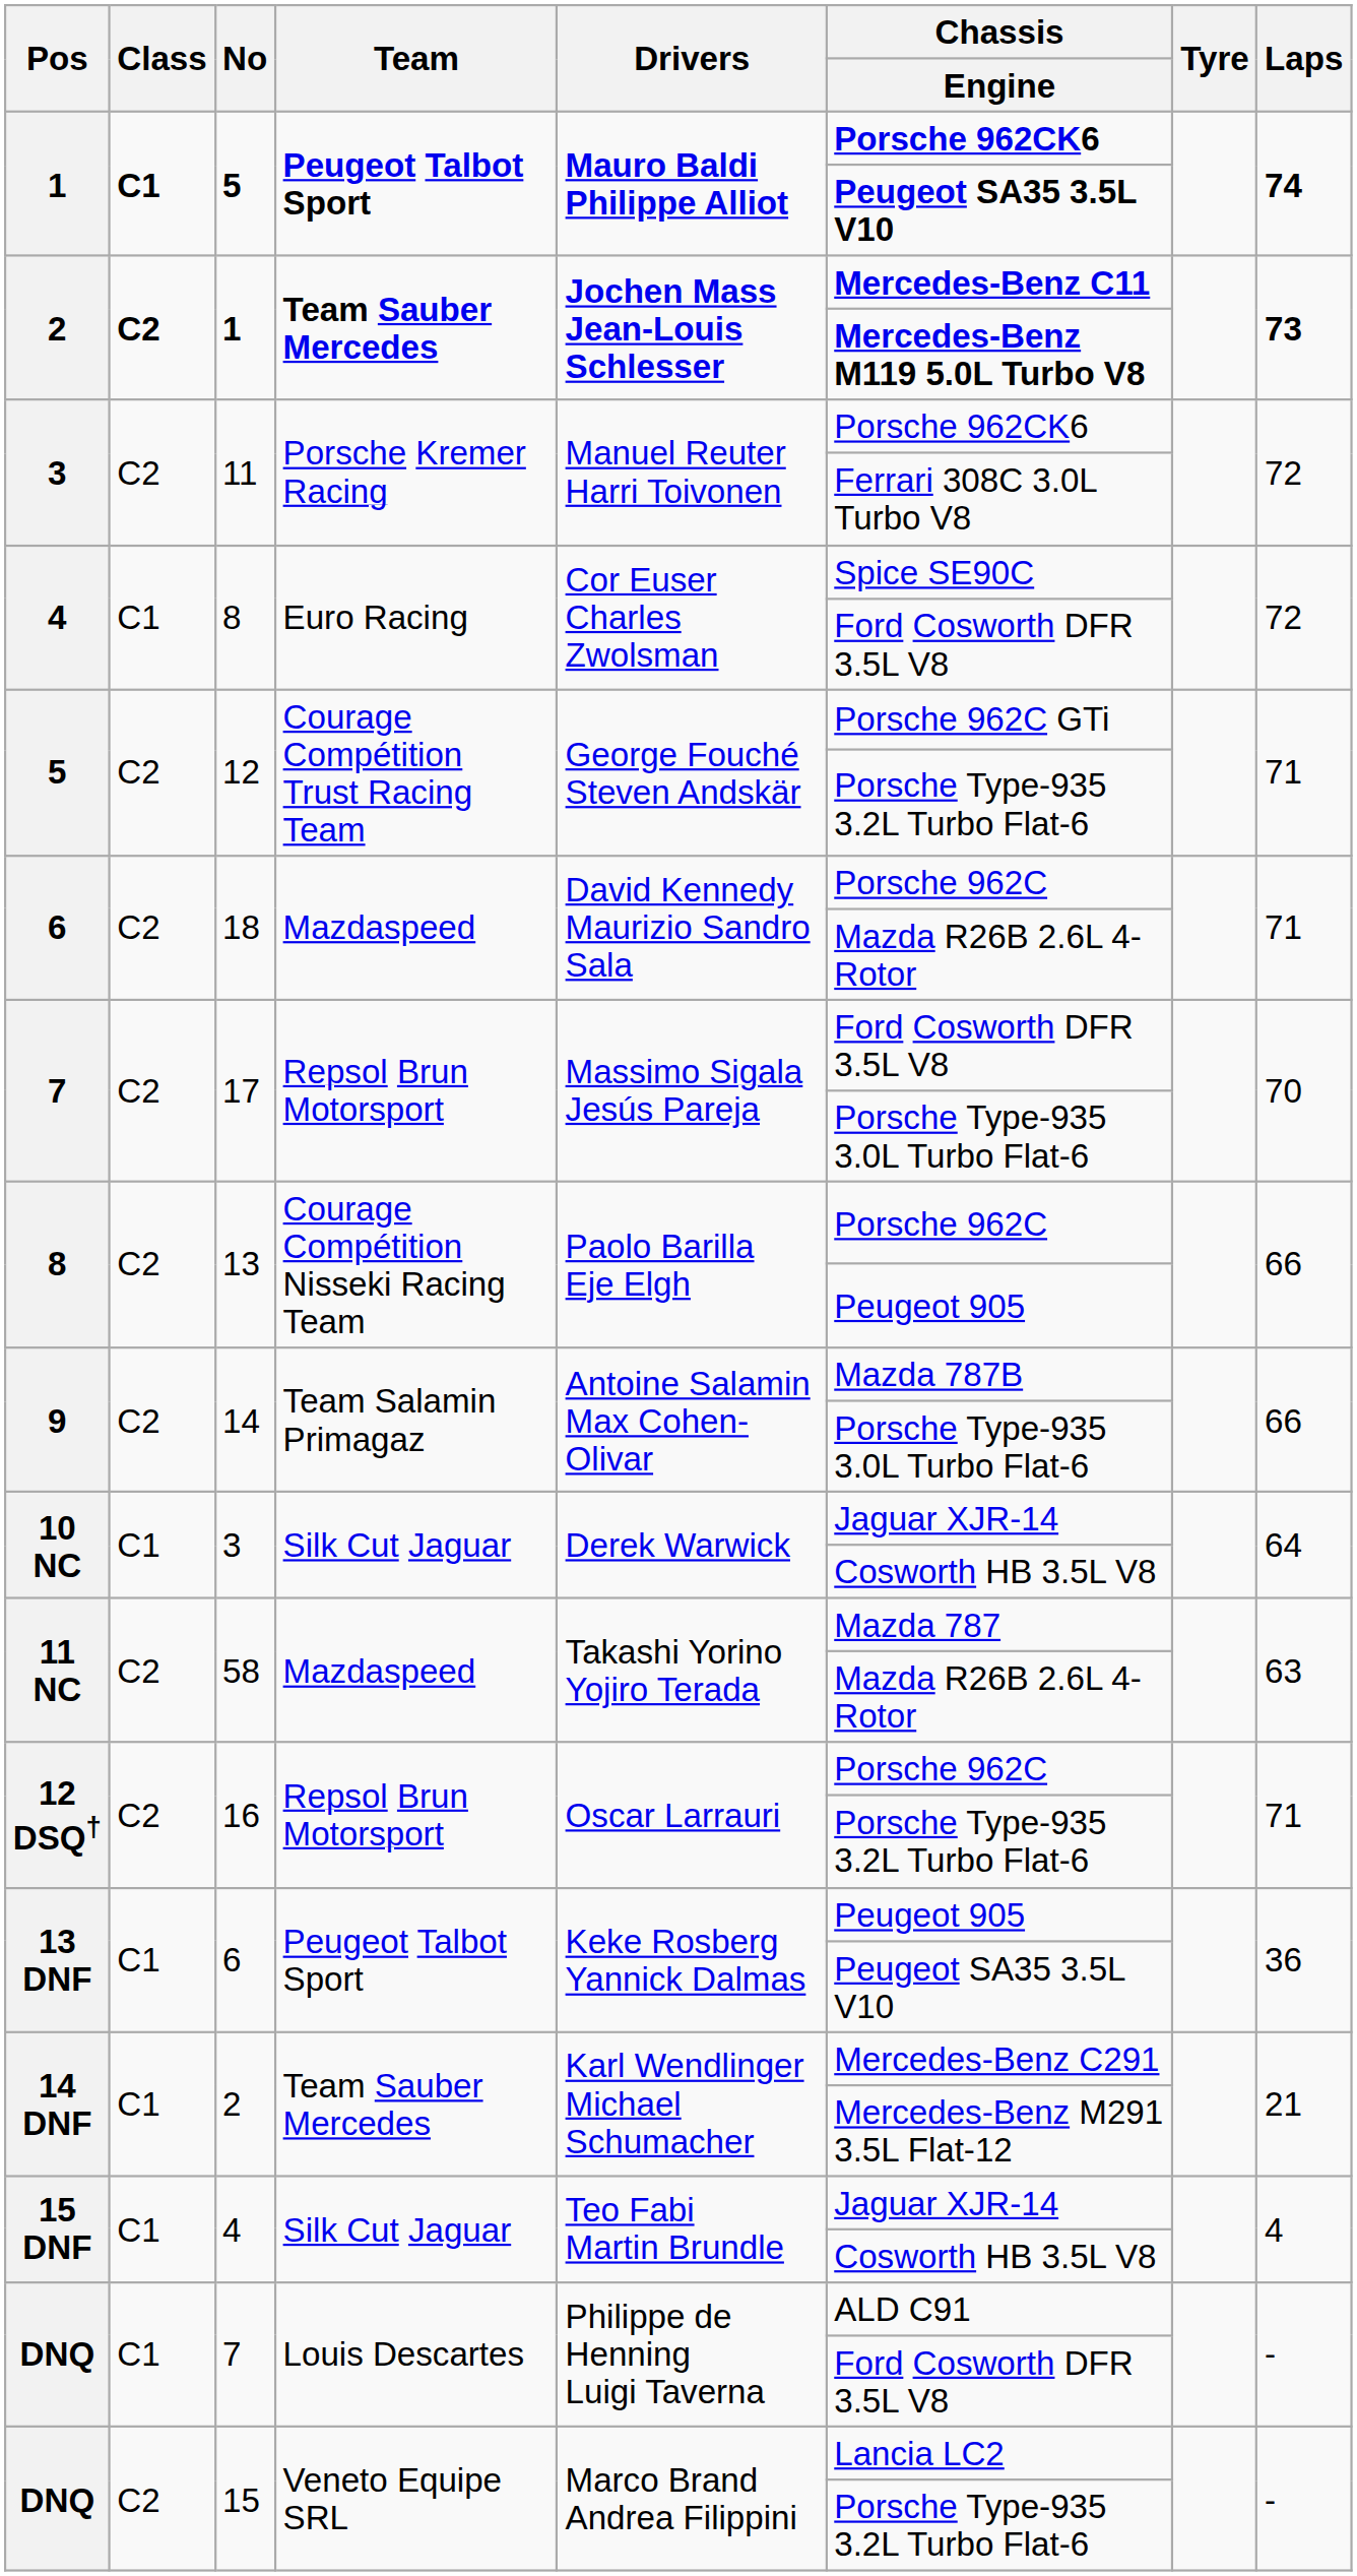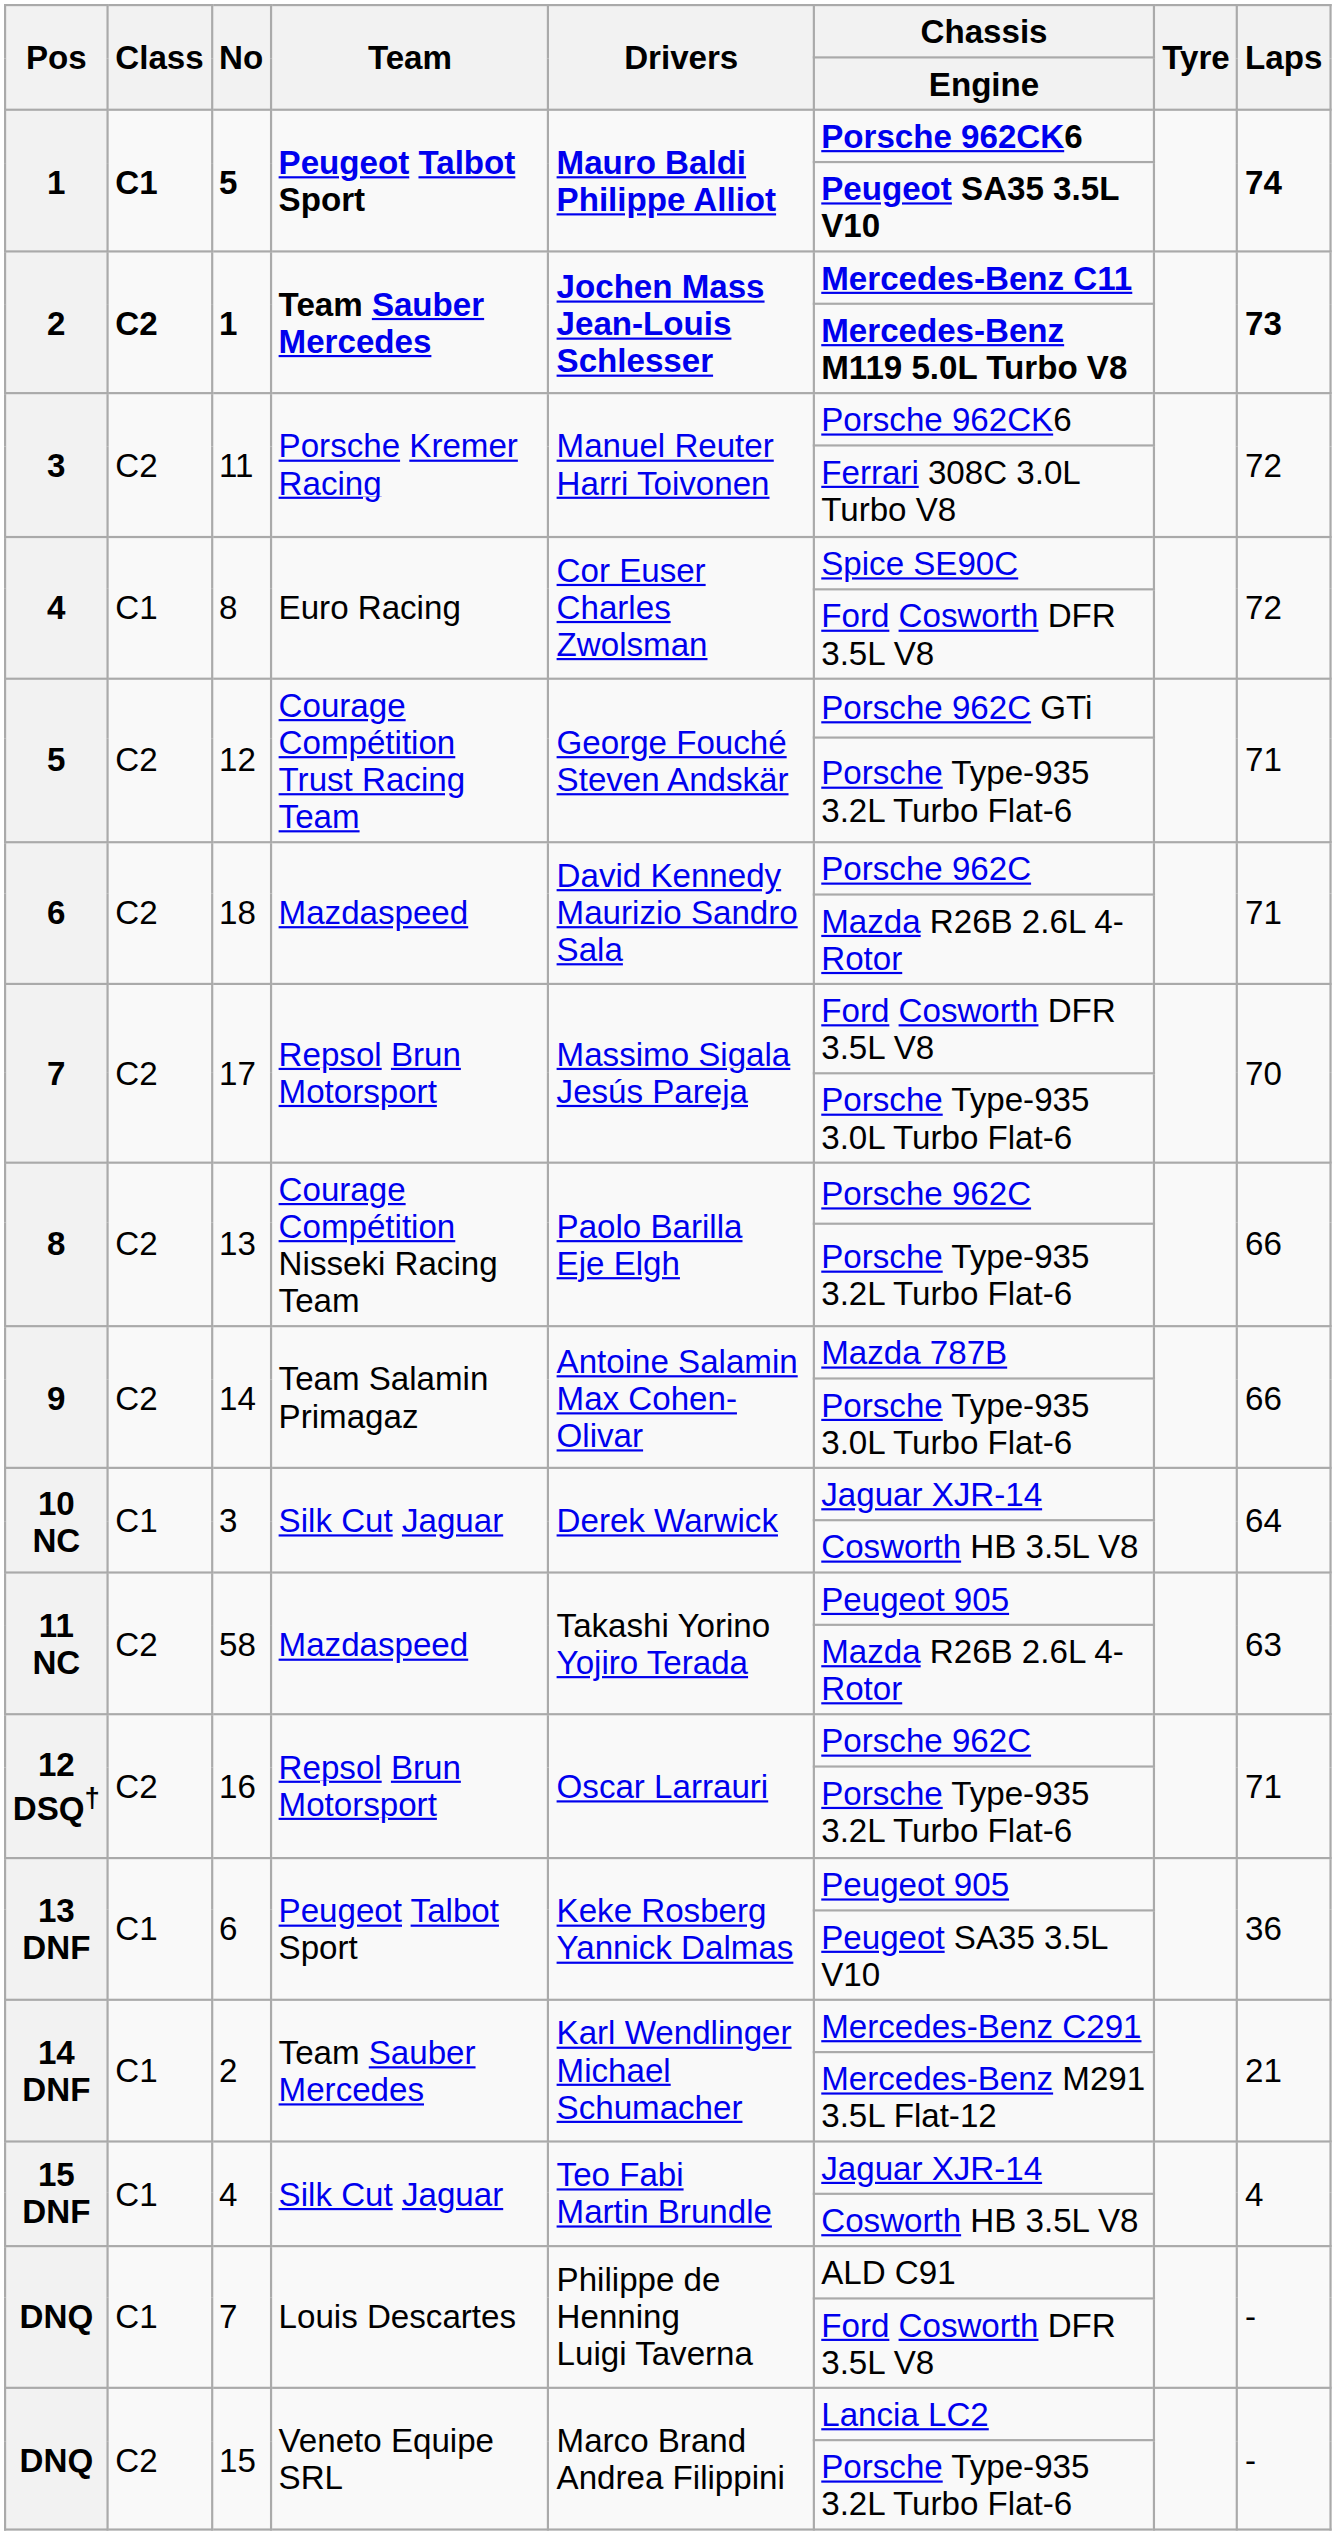 <table class="wikitable" style="font-size: 95%;">
 <tr>
 <th rowspan=2>Pos</th>
 <th rowspan=2>Class</th>
 <th rowspan=2>No</th>
 <th rowspan=2>Team</th>
 <th rowspan=2>Drivers</th>
 <th>Chassis</th>
 <th rowspan=2>Tyre</th>
 <th rowspan=2>Laps</th>
 </tr>
 <tr>
 <th>Engine</th>
 </tr>
 <tr style="font-weight:bold">
 <th rowspan=2>1</th>
 <td rowspan=2>C1</td>
 <td rowspan=2>5</td>
 <td rowspan=2> <a href='#'>Peugeot</a> <a href='#'>Talbot</a> Sport</td>
 <td rowspan=2> <a href='#'>Mauro Baldi</a><br> <a href='#'>Philippe Alliot</a></td>
 <td><a href='#'>Porsche 962CK</a>6</td>
 <td rowspan=2></td>
 <td rowspan=2>74</td>
 </tr>
 <tr style="font-weight:bold">
 <td><a href='#'>Peugeot</a> SA35 3.5L V10</td>
 </tr>
 <tr style="font-weight:bold">
 <th rowspan=2>2</th>
 <td rowspan=2>C2</td>
 <td rowspan=2>1</td>
 <td rowspan=2> Team <a href='#'>Sauber</a> <a href='#'>Mercedes</a></td>
 <td rowspan=2> <a href='#'>Jochen Mass</a><br> <a href='#'>Jean-Louis Schlesser</a></td>
 <td><a href='#'>Mercedes-Benz C11</a></td>
 <td rowspan=2></td>
 <td rowspan=2>73</td>
 </tr>
 <tr style="font-weight:bold">
 <td><a href='#'>Mercedes-Benz</a> M119 5.0L Turbo V8</td>
 </tr>
 <tr>
 <th rowspan=2>3</th>
 <td rowspan=2>C2</td>
 <td rowspan=2>11</td>
 <td rowspan=2> <a href='#'>Porsche</a> <a href='#'>Kremer Racing</a></td>
 <td rowspan=2> <a href='#'>Manuel Reuter</a><br> <a href='#'>Harri Toivonen</a></td>
 <td><a href='#'>Porsche 962CK</a>6</td>
 <td rowspan=2></td>
 <td rowspan=2>72</td>
 </tr>
 <tr>
 <td><a href='#'>Ferrari</a> 308C 3.0L Turbo V8</td>
 </tr>
 <tr>
 <th rowspan=2>4</th>
 <td rowspan=2>C1</td>
 <td rowspan=2>8</td>
 <td rowspan=2> Euro Racing</td>
 <td rowspan=2> <a href='#'>Cor Euser</a><br> <a href='#'>Charles Zwolsman</a></td>
 <td><a href='#'>Spice SE90C</a></td>
 <td rowspan=2></td>
 <td rowspan=2>72</td>
 </tr>
 <tr>
 <td><a href='#'>Ford</a> <a href='#'>Cosworth</a> DFR 3.5L V8</td>
 </tr>
 <tr>
 <th rowspan=2>5</th>
 <td rowspan=2>C2</td>
 <td rowspan=2>12</td>
 <td rowspan=2> <a href='#'>Courage Compétition</a><br> <a href='#'>Trust Racing Team</a></td>
 <td rowspan=2> <a href='#'>George Fouché</a><br> <a href='#'>Steven Andskär</a></td>
 <td><a href='#'>Porsche 962C</a> GTi</td>
 <td rowspan=2></td>
 <td rowspan=2>71</td>
 </tr>
 <tr>
 <td><a href='#'>Porsche</a> Type-935 3.2L Turbo Flat-6</td>
 </tr>
 <tr>
 <th rowspan=2>6</th>
 <td rowspan=2>C2</td>
 <td rowspan=2>18</td>
 <td rowspan=2> <a href='#'>Mazdaspeed</a></td>
 <td rowspan=2> <a href='#'>David Kennedy</a><br> <a href='#'>Maurizio Sandro Sala</a></td>
 <td><a href='#'>Porsche 962C</a></td>
 <td rowspan=2></td>
 <td rowspan=2>71</td>
 </tr>
 <tr>
 <td><a href='#'>Mazda</a> R26B 2.6L 4-<a href='#'>Rotor</a></td>
 </tr>
 <tr>
 <th rowspan=2>7</th>
 <td rowspan=2>C2</td>
 <td rowspan=2>17</td>
 <td rowspan=2> <a href='#'>Repsol</a> <a href='#'>Brun Motorsport</a></td>
 <td rowspan=2> <a href='#'>Massimo Sigala</a><br> <a href='#'>Jesús Pareja</a></td>
 <td><a href='#'>Ford</a> <a href='#'>Cosworth</a> DFR 3.5L V8</td>
 <td rowspan=2></td>
 <td rowspan=2>70</td>
 </tr>
 <tr>
 <td><a href='#'>Porsche</a> Type-935 3.0L Turbo Flat-6</td>
 </tr>
 <tr>
 <th rowspan=2>8</th>
 <td rowspan=2>C2</td>
 <td rowspan=2>13</td>
 <td rowspan=2> <a href='#'>Courage Compétition</a><br> Nisseki Racing Team</td>
 <td rowspan=2> <a href='#'>Paolo Barilla</a><br> <a href='#'>Eje Elgh</a></td>
 <td><a href='#'>Porsche 962C</a></td>
 <td rowspan=2></td>
 <td rowspan=2>66</td>
 </tr>
 <tr>
-<td><a href='#'>Peugeot 905</a></td>
+<td><a href='#'>Porsche</a> Type-935 3.2L Turbo Flat-6</td>
 </tr>
 <tr>
 <th rowspan=2>9</th>
 <td rowspan=2>C2</td>
 <td rowspan=2>14</td>
 <td rowspan=2> Team Salamin Primagaz</td>
 <td rowspan=2> <a href='#'>Antoine Salamin</a><br> <a href='#'>Max Cohen-Olivar</a></td>
 <td><a href='#'>Mazda 787B</a></td>
 <td rowspan=2></td>
 <td rowspan=2>66</td>
 </tr>
 <tr>
 <td><a href='#'>Porsche</a> Type-935 3.0L Turbo Flat-6</td>
 </tr>
 <tr>
 <th rowspan=2>10<br>NC</th>
 <td rowspan=2>C1</td>
 <td rowspan=2>3</td>
 <td rowspan=2> <a href='#'>Silk Cut</a> <a href='#'>Jaguar</a></td>
 <td rowspan=2> <a href='#'>Derek Warwick</a></td>
 <td><a href='#'>Jaguar XJR-14</a></td>
 <td rowspan=2></td>
 <td rowspan=2>64</td>
 </tr>
 <tr>
 <td><a href='#'>Cosworth</a> HB 3.5L V8</td>
 </tr>
 <tr>
 <th rowspan=2>11<br>NC</th>
 <td rowspan=2>C2</td>
 <td rowspan=2>58</td>
 <td rowspan=2> <a href='#'>Mazdaspeed</a></td>
 <td rowspan=2> Takashi Yorino<br> <a href='#'>Yojiro Terada</a></td>
-<td><a href='#'>Mazda 787</a></td>
+<td><a href='#'>Peugeot 905</a></td>
 <td rowspan=2></td>
 <td rowspan=2>63</td>
 </tr>
 <tr>
 <td><a href='#'>Mazda</a> R26B 2.6L 4-<a href='#'>Rotor</a></td>
 </tr>
 <tr>
 <th rowspan=2>12<br>DSQ<sup>†</sup></th>
 <td rowspan=2>C2</td>
 <td rowspan=2>16</td>
 <td rowspan=2> <a href='#'>Repsol</a> <a href='#'>Brun Motorsport</a></td>
 <td rowspan=2> <a href='#'>Oscar Larrauri</a></td>
 <td><a href='#'>Porsche 962C</a></td>
 <td rowspan=2></td>
 <td rowspan=2>71</td>
 </tr>
 <tr>
 <td><a href='#'>Porsche</a> Type-935 3.2L Turbo Flat-6</td>
 </tr>
 <tr>
 <th rowspan=2>13<br>DNF</th>
 <td rowspan=2>C1</td>
 <td rowspan=2>6</td>
 <td rowspan=2> <a href='#'>Peugeot</a> <a href='#'>Talbot</a> Sport</td>
 <td rowspan=2> <a href='#'>Keke Rosberg</a><br> <a href='#'>Yannick Dalmas</a></td>
 <td><a href='#'>Peugeot 905</a></td>
 <td rowspan=2></td>
 <td rowspan=2>36</td>
 </tr>
 <tr>
 <td><a href='#'>Peugeot</a> SA35 3.5L V10</td>
 </tr>
 <tr>
 <th rowspan=2>14<br>DNF</th>
 <td rowspan=2>C1</td>
 <td rowspan=2>2</td>
 <td rowspan=2> Team <a href='#'>Sauber</a> <a href='#'>Mercedes</a></td>
 <td rowspan=2> <a href='#'>Karl Wendlinger</a><br> <a href='#'>Michael Schumacher</a></td>
 <td><a href='#'>Mercedes-Benz C291</a></td>
 <td rowspan=2></td>
 <td rowspan=2>21</td>
 </tr>
 <tr>
 <td><a href='#'>Mercedes-Benz</a> M291 3.5L Flat-12</td>
 </tr>
 <tr>
 <th rowspan=2>15<br>DNF</th>
 <td rowspan=2>C1</td>
 <td rowspan=2>4</td>
 <td rowspan=2> <a href='#'>Silk Cut</a> <a href='#'>Jaguar</a></td>
 <td rowspan=2> <a href='#'>Teo Fabi</a><br> <a href='#'>Martin Brundle</a></td>
 <td><a href='#'>Jaguar XJR-14</a></td>
 <td rowspan=2></td>
 <td rowspan=2>4</td>
 </tr>
 <tr>
 <td><a href='#'>Cosworth</a> HB 3.5L V8</td>
 </tr>
 <tr>
 <th rowspan=2>DNQ</th>
 <td rowspan=2>C1</td>
 <td rowspan=2>7</td>
 <td rowspan=2> Louis Descartes</td>
 <td rowspan=2> Philippe de Henning<br> Luigi Taverna</td>
 <td>ALD C91</td>
 <td rowspan=2></td>
 <td rowspan=2>-</td>
 </tr>
 <tr>
 <td><a href='#'>Ford</a> <a href='#'>Cosworth</a> DFR 3.5L V8</td>
 </tr>
 <tr>
 <th rowspan=2>DNQ</th>
 <td rowspan=2>C2</td>
 <td rowspan=2>15</td>
 <td rowspan=2> Veneto Equipe SRL</td>
 <td rowspan=2> Marco Brand<br> Andrea Filippini</td>
 <td><a href='#'>Lancia LC2</a></td>
 <td rowspan=2></td>
 <td rowspan=2>-</td>
 </tr>
 <tr>
 <td><a href='#'>Porsche</a> Type-935 3.2L Turbo Flat-6</td>
 </tr>
 </table>
